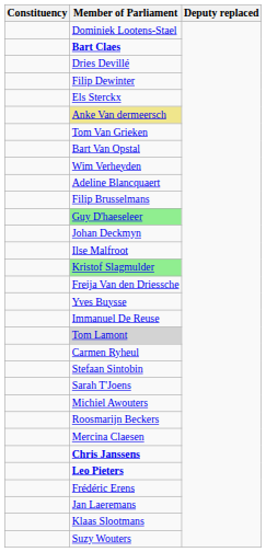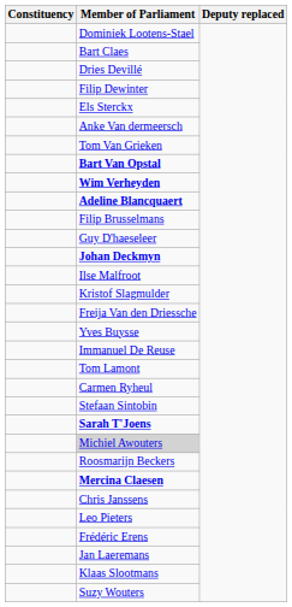 <table class="wikitable">
 <tr>
 <th>Constituency</th>
 <th>Member of Parliament</th>
 <th>Deputy replaced</th>
 </tr>
 <tr>
 <td></td>
 <td><a href='#'>Dominiek Lootens-Stael</a></td>
 <td rowspan="31"></td>
 </tr>
 <tr>
 <td></td>
-<td><strong><a href='#'>Bart Claes</a></strong></td>
+<td><a href='#'>Bart Claes</a></td>
 </tr>
 <tr>
 <td></td>
 <td><a href='#'>Dries Devillé</a></td>
 </tr>
 <tr>
 <td></td>
 <td><a href='#'>Filip Dewinter</a></td>
 </tr>
 <tr>
 <td></td>
 <td><a href='#'>Els Sterckx</a></td>
 </tr>
 <tr>
 <td></td>
-<td style="background: khaki;"><a href='#'>Anke Van dermeersch</a></td>
+<td><a href='#'>Anke Van dermeersch</a></td>
 </tr>
 <tr>
 <td></td>
 <td><a href='#'>Tom Van Grieken</a></td>
 </tr>
 <tr>
 <td></td>
-<td><a href='#'>Bart Van Opstal</a></td>
+<td><strong><a href='#'>Bart Van Opstal</a></strong></td>
 </tr>
 <tr>
 <td></td>
-<td><a href='#'>Wim Verheyden</a></td>
+<td><strong><a href='#'>Wim Verheyden</a></strong></td>
 </tr>
 <tr>
 <td></td>
-<td><a href='#'>Adeline Blancquaert</a></td>
+<td><strong><a href='#'>Adeline Blancquaert</a></strong></td>
 </tr>
 <tr>
 <td></td>
 <td><a href='#'>Filip Brusselmans</a></td>
 </tr>
 <tr>
 <td></td>
-<td style="background: lightgreen;"><a href='#'>Guy D'haeseleer</a></td>
+<td><a href='#'>Guy D'haeseleer</a></td>
 </tr>
 <tr>
 <td></td>
-<td><a href='#'>Johan Deckmyn</a></td>
+<td><strong><a href='#'>Johan Deckmyn</a></strong></td>
 </tr>
 <tr>
 <td></td>
 <td><a href='#'>Ilse Malfroot</a></td>
 </tr>
 <tr>
 <td></td>
-<td style="background: lightgreen;"><a href='#'>Kristof Slagmulder</a></td>
+<td><a href='#'>Kristof Slagmulder</a></td>
 </tr>
 <tr>
 <td></td>
 <td><a href='#'>Freija Van den Driessche</a></td>
 </tr>
 <tr>
 <td></td>
 <td><a href='#'>Yves Buysse</a></td>
 </tr>
 <tr>
 <td></td>
 <td><a href='#'>Immanuel De Reuse</a></td>
 </tr>
 <tr>
 <td></td>
-<td style="background: lightgrey;"><a href='#'>Tom Lamont</a></td>
+<td><a href='#'>Tom Lamont</a></td>
 </tr>
 <tr>
 <td></td>
 <td><a href='#'>Carmen Ryheul</a></td>
 </tr>
 <tr>
 <td></td>
 <td><a href='#'>Stefaan Sintobin</a></td>
 </tr>
 <tr>
 <td></td>
-<td><a href='#'>Sarah T'Joens</a></td>
+<td><strong><a href='#'>Sarah T'Joens</a></strong></td>
 </tr>
 <tr>
 <td></td>
-<td><a href='#'>Michiel Awouters</a></td>
+<td style="background: lightgrey;"><a href='#'>Michiel Awouters</a></td>
 </tr>
 <tr>
 <td></td>
 <td><a href='#'>Roosmarijn Beckers</a></td>
 </tr>
 <tr>
 <td></td>
-<td><a href='#'>Mercina Claesen</a></td>
+<td><strong><a href='#'>Mercina Claesen</a></strong></td>
 </tr>
 <tr>
 <td></td>
-<td><strong><a href='#'>Chris Janssens</a></strong></td>
+<td><a href='#'>Chris Janssens</a></td>
 </tr>
 <tr>
 <td></td>
-<td><strong><a href='#'>Leo Pieters</a></strong></td>
+<td><a href='#'>Leo Pieters</a></td>
 </tr>
 <tr>
 <td></td>
 <td><a href='#'>Frédéric Erens</a></td>
 </tr>
 <tr>
 <td></td>
 <td><a href='#'>Jan Laeremans</a></td>
 </tr>
 <tr>
 <td></td>
 <td><a href='#'>Klaas Slootmans</a></td>
 </tr>
 <tr>
 <td></td>
 <td><a href='#'>Suzy Wouters</a></td>
 </tr>
 </table>
